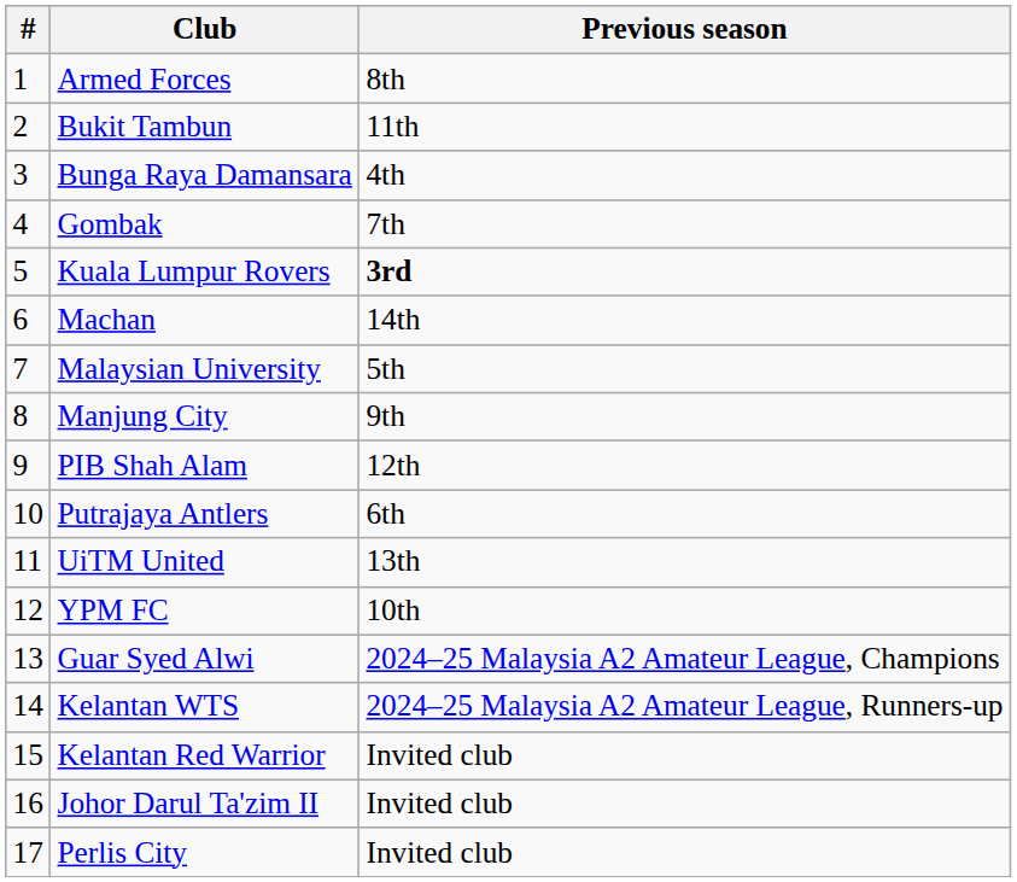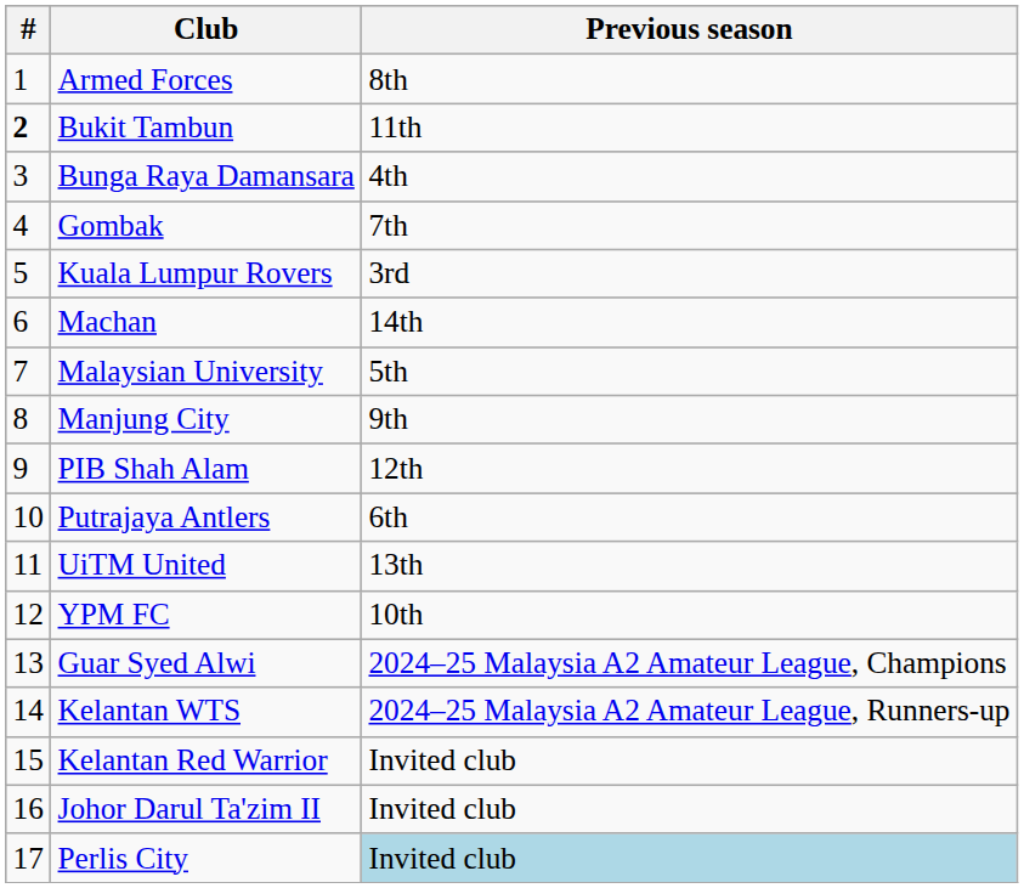 <table class="wikitable sortable">
 <tr>
 <th Align=Left>#</th>
 <th Align=Left>Club</th>
 <th data-sort-type="number">Previous season</th>
 </tr>
 <tr>
 <td VAlign=Top>1</td>
 <td VAlign=Top> <a href='#'>Armed Forces</a></td>
 <td VAlign=Top>8th</td>
 </tr>
 <tr>
-<td VAlign=Top>2</td>
+<td VAlign=Top><strong>2</strong></td>
 <td VAlign=Top> <a href='#'>Bukit Tambun</a></td>
 <td VAlign=Top>11th</td>
 </tr>
 <tr>
 <td VAlign=Top>3</td>
 <td VAlign=Top> <a href='#'>Bunga Raya Damansara</a></td>
 <td VAlign=Top>4th</td>
 </tr>
 <tr>
 <td VAlign=Top>4</td>
 <td VAlign=Top> <a href='#'>Gombak</a></td>
 <td VAlign=Top>7th</td>
 </tr>
 <tr>
 <td VAlign=Top>5</td>
 <td VAlign=Top> <a href='#'>Kuala Lumpur Rovers</a></td>
-<td VAlign=Top><strong>3rd</strong></td>
+<td VAlign=Top>3rd</td>
 </tr>
 <tr>
 <td VAlign=Top>6</td>
 <td VAlign=Top> <a href='#'>Machan</a></td>
 <td VAlign=Top>14th</td>
 </tr>
 <tr>
 <td VAlign=Top>7</td>
 <td VAlign=Top> <a href='#'>Malaysian University</a></td>
 <td VAlign=Top>5th</td>
 </tr>
 <tr>
 <td VAlign=Top>8</td>
 <td VAlign=Top> <a href='#'>Manjung City</a></td>
 <td VAlign=Top>9th</td>
 </tr>
 <tr>
 <td VAlign=Top>9</td>
 <td VAlign=Top> <a href='#'>PIB Shah Alam</a></td>
 <td VAlign=Top>12th</td>
 </tr>
 <tr>
 <td VAlign=Top>10</td>
 <td VAlign=Top> <a href='#'>Putrajaya Antlers</a></td>
 <td VAlign=Top>6th</td>
 </tr>
 <tr>
 <td VAlign=Top>11</td>
 <td VAlign=Top> <a href='#'>UiTM United</a></td>
 <td VAlign=Top>13th</td>
 </tr>
 <tr>
 <td VAlign=Top>12</td>
 <td VAlign=Top> <a href='#'>YPM FC</a></td>
 <td VAlign=Top>10th</td>
 </tr>
 <tr>
 <td VAlign=Top>13</td>
 <td VAlign=Top> <a href='#'>Guar Syed Alwi</a></td>
 <td VAlign=Top><a href='#'>2024–25 Malaysia A2 Amateur League</a>, Champions</td>
 </tr>
 <tr>
 <td VAlign=Top>14</td>
 <td VAlign=Top> <a href='#'>Kelantan WTS</a></td>
 <td VAlign=Top><a href='#'>2024–25 Malaysia A2 Amateur League</a>, Runners-up</td>
 </tr>
 <tr>
 <td VAlign=Top>15</td>
 <td VAlign=Top> <a href='#'>Kelantan Red Warrior</a></td>
 <td VAlign=Top>Invited club</td>
 </tr>
 <tr>
 <td VAlign=Top>16</td>
 <td VAlign=Top> <a href='#'>Johor Darul Ta'zim II</a></td>
 <td VAlign=Top>Invited club</td>
 </tr>
 <tr>
 <td VAlign=Top>17</td>
 <td VAlign=Top> <a href='#'>Perlis City</a></td>
-<td VAlign=Top>Invited club</td>
+<td VAlign=Top style="background: lightblue;">Invited club</td>
 </tr>
 <tr>
 </tr>
 </table>
